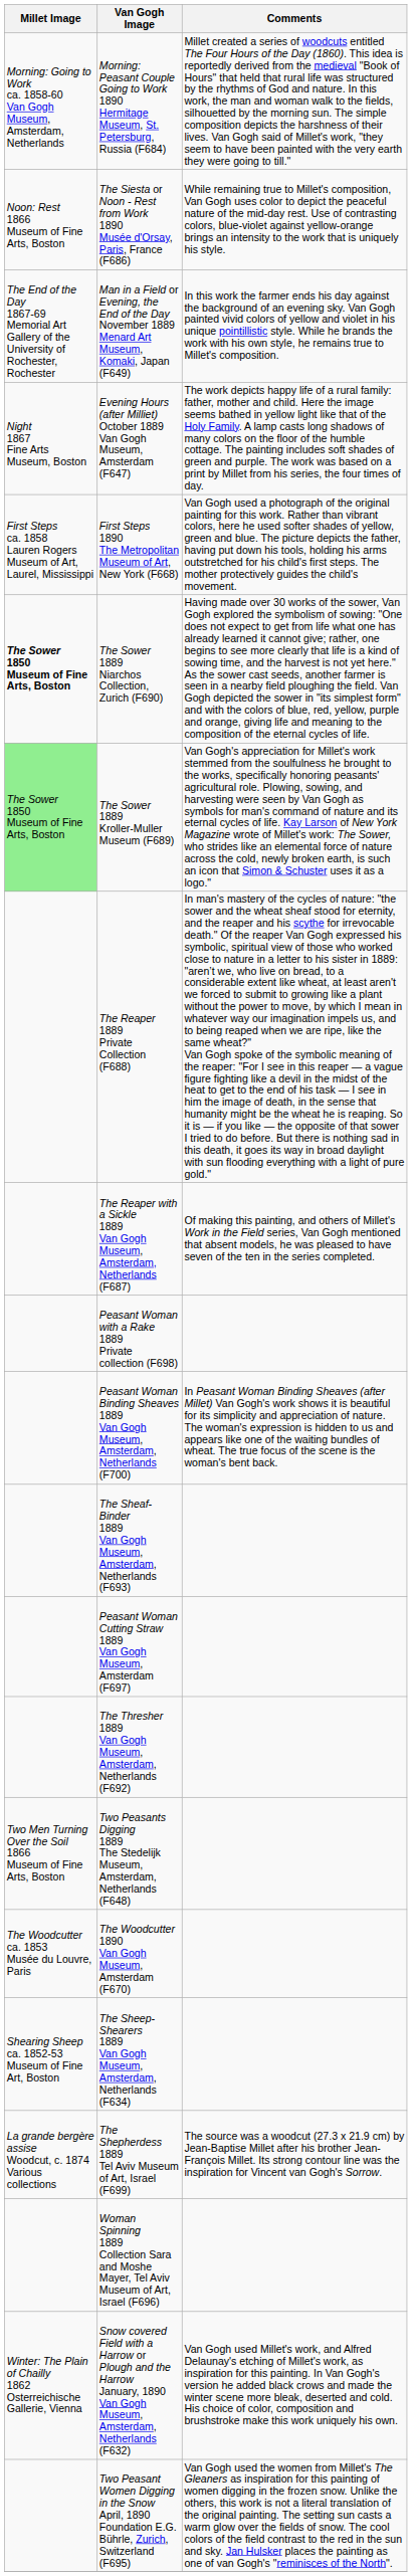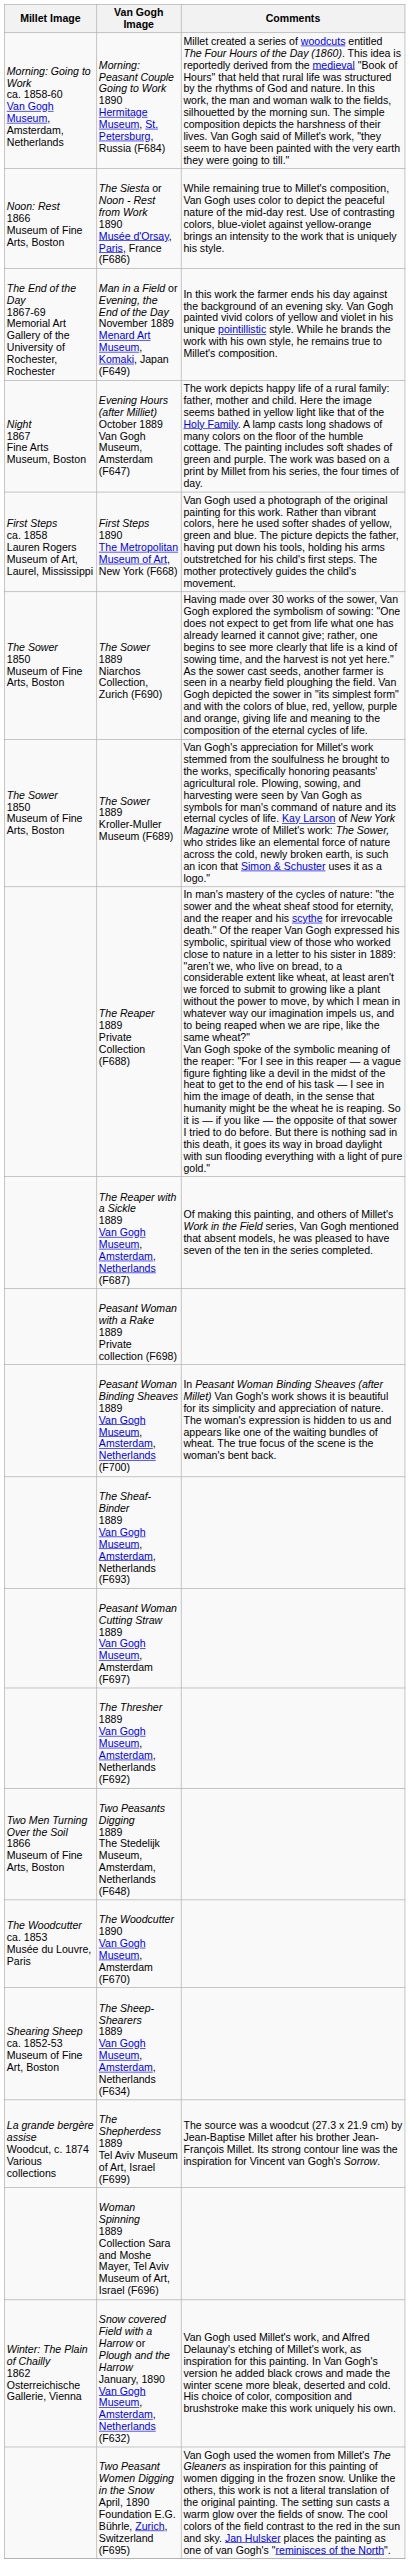 <table class="wikitable sortable">
 <tr>
 <th class="unsortable">Millet Image</th>
 <th>Van Gogh Image</th>
 <th>Comments</th>
 </tr>
 <tr>
 <td><br><em>Morning: Going to Work</em><br> ca. 1858-60<br><a href='#'>Van Gogh Museum</a>, Amsterdam, Netherlands</td>
 <td><br><em>Morning: Peasant Couple Going to Work</em><br>1890<br><a href='#'>Hermitage Museum</a>, <a href='#'>St. Petersburg</a>, Russia (F684)</td>
 <td>Millet created a series of <a href='#'>woodcuts</a> entitled <em>The Four Hours of the Day (1860)</em>. This idea is reportedly derived from the <a href='#'>medieval</a> "Book of Hours" that held that rural life was structured by the rhythms of God and nature.  In this work, the man and woman walk to the fields, silhouetted by the morning sun.  The simple composition depicts the harshness of their lives.  Van Gogh said of Millet's work, "they seem to have been painted with the very earth they were going to till."</td>
 </tr>
 <tr>
 <td><br><em>Noon: Rest</em><br>1866<br>Museum of Fine Arts, Boston</td>
 <td><br><em>The Siesta</em> or <em>Noon - Rest from Work</em><br>1890<br><a href='#'>Musée d'Orsay</a>, <a href='#'>Paris</a>, France (F686)</td>
 <td>While remaining true to Millet's composition, Van Gogh uses color to depict the peaceful nature of the mid-day rest.  Use  of contrasting colors, blue-violet against yellow-orange brings an intensity to the work that is uniquely his style.</td>
 </tr>
 <tr>
 <td><br><em>The End of the Day</em><br>1867-69<br>Memorial Art Gallery of the University of Rochester, Rochester</td>
 <td><br><em>Man in a Field</em> or <em>Evening, the End of the Day</em><br>November 1889 <br><a href='#'>Menard Art Museum</a>, <a href='#'>Komaki</a>, Japan (F649)</td>
 <td>In this work the farmer ends his day against the background of an evening sky. Van Gogh painted vivid colors of yellow and violet in his unique <a href='#'>pointillistic</a> style. While he brands the work with his own style, he remains true to Millet's composition.</td>
 </tr>
 <tr>
 <td><br><em>Night</em><br>1867<br>Fine Arts Museum, Boston</td>
 <td>  <em>Evening Hours (after Milliet)</em><br>October 1889<br>Van Gogh Museum, Amsterdam (F647)</td>
 <td>The work depicts happy life of a rural family: father, mother and child. Here the image seems bathed in yellow light like that of the <a href='#'>Holy Family</a>.  A lamp casts long shadows of many colors on the floor of the humble cottage.  The painting includes soft shades of green and purple.  The work was based on a print by Millet from his series, the four times of day.</td>
 </tr>
 <tr>
 <td><br><em>First Steps</em><br>ca. 1858<br>Lauren Rogers Museum of Art, Laurel, Mississippi</td>
 <td><br><em>First Steps</em> <br>1890 <br><a href='#'>The Metropolitan Museum of Art</a>, New York (F668)</td>
 <td>Van Gogh used a photograph of the original painting for this work. Rather than vibrant colors, here he used softer shades of yellow, green and blue.  The picture depicts the father, having put down his tools, holding his arms outstretched for his child's first steps. The mother protectively guides the child's movement.</td>
 </tr>
 <tr>
-<td><strong><em>The Sower</em><br>1850<br>Museum of Fine Arts, Boston</strong></td>
+<td><em>The Sower</em><br>1850<br>Museum of Fine Arts, Boston</td>
 <td><br><em>The Sower</em><br>1889<br>Niarchos Collection, Zurich (F690)<br></td>
 <td>Having made over 30 works of the sower, Van Gogh explored the symbolism of sowing: "One does not expect to get from life what one has already learned it cannot give; rather, one begins to see more clearly that life is a kind of sowing time, and the harvest is not yet here." As the sower cast seeds, another farmer is seen in a nearby field ploughing the field.  Van Gogh depicted the sower in "its simplest form" and with the colors of blue, red, yellow, purple and orange, giving life and meaning to the composition of the eternal cycles of life.</td>
 </tr>
 <tr>
-<td style="background: lightgreen;"><em>The Sower</em><br>1850<br>Museum of Fine Arts, Boston</td>
+<td><em>The Sower</em><br>1850<br>Museum of Fine Arts, Boston</td>
 <td><br><em>The Sower</em><br>1889 <br>Kroller-Muller Museum (F689)<br></td>
 <td>Van Gogh's appreciation for Millet's work stemmed from the soulfulness he brought to the works, specifically honoring peasants' agricultural role. Plowing, sowing, and harvesting were seen by Van Gogh as symbols for man's command of nature and its eternal cycles of life. <a href='#'>Kay Larson</a> of <em>New York Magazine</em> wrote of Millet's work: <em>The Sower,</em> who strides like an elemental force of nature across the cold, newly broken earth, is such an icon that <a href='#'>Simon & Schuster</a> uses it as a logo."</td>
 </tr>
 <tr>
 <td></td>
 <td><br><em>The Reaper</em><br>1889<br>Private Collection (F688)</td>
 <td>In man's mastery of the cycles of nature: "the sower and the wheat sheaf stood for eternity, and the reaper and his <a href='#'>scythe</a> for irrevocable death." Of the reaper Van Gogh expressed his symbolic, spiritual view of those who worked close to nature in a letter to his sister in 1889:  "aren’t we, who live on bread, to a considerable extent like wheat, at least aren't we forced to submit to growing like a plant without the power to move, by which I mean in whatever way our imagination impels us, and to being reaped when we are ripe, like the same wheat?"<br>Van Gogh spoke of the symbolic meaning of the reaper:  "For I see in this reaper — a vague figure fighting like a devil in the midst of the heat to get to the end of his task — I see in him the image of death, in the sense that humanity might be the wheat he is reaping.  So it is — if you like — the opposite of that sower I tried to do before.  But there is nothing sad in this death, it goes its way in broad daylight with sun flooding everything with a light of pure gold."</td>
 </tr>
 <tr>
 <td></td>
 <td><br><em>The Reaper with a Sickle</em><br> 1889<br><a href='#'>Van Gogh Museum</a>, <a href='#'>Amsterdam, Netherlands</a> (F687)</td>
 <td>Of making this painting, and others of Millet's <em>Work in the Field</em> series, Van Gogh mentioned that absent models, he was pleased to have seven of the ten in the series completed.</td>
 </tr>
 <tr>
 <td></td>
 <td><br><em>Peasant Woman with a Rake</em><br>1889 <br>Private collection (F698)</td>
 <td></td>
 </tr>
 <tr>
 <td></td>
 <td> <br><em>Peasant Woman Binding Sheaves</em><br>1889 <br><a href='#'>Van Gogh Museum</a>, <a href='#'>Amsterdam</a>, <a href='#'>Netherlands</a> (F700)</td>
 <td>In <em>Peasant Woman Binding Sheaves (after Millet)</em> Van Gogh's work shows it is beautiful for its simplicity and appreciation of nature.  The woman's expression is hidden to us and appears like one of the waiting bundles of wheat.  The  true focus of the scene is the woman's bent back.</td>
 </tr>
 <tr>
 <td></td>
 <td><br><em>The Sheaf-Binder</em><br>1889<br><a href='#'>Van Gogh Museum</a>, <a href='#'>Amsterdam</a>, Netherlands (F693)</td>
 <td></td>
 </tr>
 <tr>
 <td></td>
 <td><br><em>Peasant Woman Cutting Straw</em> <br>1889<br><a href='#'>Van Gogh Museum</a>, Amsterdam (F697)</td>
 <td></td>
 </tr>
 <tr>
 <td></td>
 <td><br><em>The Thresher</em><br>1889<br><a href='#'>Van Gogh Museum</a>, <a href='#'>Amsterdam</a>, Netherlands (F692)</td>
 <td></td>
 </tr>
 <tr>
 <td> <em>Two Men Turning Over the Soil</em><br>1866<br>Museum of Fine Arts, Boston</td>
 <td><br><em>Two Peasants Digging</em><br>1889 <br>The Stedelijk Museum, Amsterdam, Netherlands (F648)</td>
 <td></td>
 </tr>
 <tr>
 <td><em>The Woodcutter</em><br>ca. 1853<br>Musée du Louvre, Paris</td>
 <td><br><em>The Woodcutter</em><br> 1890<br><a href='#'>Van Gogh Museum</a>, Amsterdam (F670)</td>
 <td></td>
 </tr>
 <tr>
 <td><br><em>Shearing Sheep</em><br>ca. 1852-53<br> Museum of Fine Art, Boston</td>
 <td> <br><em>The Sheep-Shearers</em><br>1889<br><a href='#'>Van Gogh Museum</a>, <a href='#'>Amsterdam</a>, Netherlands (F634)</td>
 <td></td>
 </tr>
 <tr>
 <td> <br> <em>La grande bergère assise</em><br>Woodcut, c. 1874 <br>Various collections</td>
 <td> <br><em>The Shepherdess</em> <br>1889<br>Tel Aviv Museum of Art, Israel (F699)</td>
 <td>The source was a woodcut (27.3 x 21.9 cm) by Jean-Baptise Millet after his brother Jean-François Millet. Its strong contour line was the inspiration for Vincent van Gogh's <em>Sorrow</em>.</td>
 </tr>
 <tr>
 <td></td>
 <td> <br><em>Woman Spinning</em> <br>1889 <br>Collection Sara and Moshe Mayer, Tel Aviv Museum of Art, Israel (F696)</td>
 <td></td>
 </tr>
 <tr>
 <td><em>Winter: The Plain of Chailly</em><br>1862<br>Osterreichische Gallerie, Vienna</td>
 <td><br><em>Snow covered Field with a Harrow</em> or <em>Plough and the Harrow</em><br>January, 1890<br><a href='#'>Van Gogh Museum</a>, <a href='#'>Amsterdam</a>, <a href='#'>Netherlands</a> (F632)</td>
 <td>Van Gogh used Millet's work, and Alfred Delaunay's etching of Millet's work, as inspiration for this painting.  In Van Gogh's version he added black crows and made the winter scene more bleak, deserted and cold.  His choice of color, composition and brushstroke make this work uniquely his own.</td>
 </tr>
 <tr>
 <td></td>
 <td><br><em>Two Peasant Women Digging in the Snow</em><br>April, 1890<br>Foundation E.G. Bührle, <a href='#'>Zurich</a>, Switzerland (F695)</td>
 <td>Van Gogh used the women from Millet's <em>The Gleaners</em> as inspiration for this painting of women digging in the frozen snow. Unlike the others, this work is not a literal translation of the original painting.  The setting sun casts a warm glow over the fields of snow.  The cool colors of the field contrast to the red in the sun and sky. <a href='#'>Jan Hulsker</a> places the painting as one of van Gogh's "<a href='#'>reminisces of the North</a>".</td>
 </tr>
 <tr>
 </tr>
 </table>
